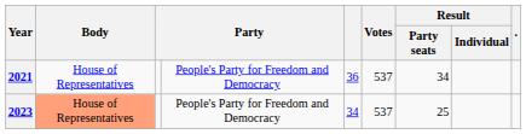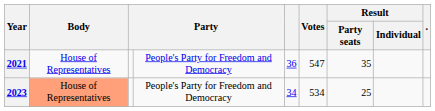 <table class="wikitable plainrowheaders sortable" border=2 cellpadding=4 cellspacing=0 style="border: 1px #aaa solid; font-size: 90%; text-align:center;">
 <tr>
 <th scope="col" rowspan=2>Year</th>
 <th scope="col" rowspan=2>Body</th>
 <th scope="col" colspan=2 rowspan=2>Party</th>
 <th scope="col" rowspan=2></th>
 <th scope="col" rowspan=2>Votes</th>
 <th scope="colgroup" colspan=2>Result</th>
 <th scope="col" rowspan=2 class="unsortable">.</th>
 </tr>
 <tr>
 <th scope="col">Party seats</th>
 <th scope="col">Individual</th>
 </tr>
 <tr>
 <th scope="row"><a href='#'>2021</a></th>
 <td><a href='#'>House of Representatives</a></td>
 <td style="background-color:"></td>
 <td><a href='#'>People's Party for Freedom and Democracy</a></td>
 <td style=text-align:right><a href='#'>36</a></td>
-<td style=text-align:right>537</td>
-<td style=text-align:right>34</td>
+<td style=text-align:right>547</td>
+<td style=text-align:right>35</td>
 <td></td>
 <td></td>
 </tr>
 <tr>
 <th scope="row"><a href='#'>2023</a></th>
 <td style="background: lightsalmon;">House of Representatives</td>
 <td style="background-color:"></td>
 <td>People's Party for Freedom and Democracy</td>
 <td style=text-align:right><a href='#'>34</a></td>
-<td style=text-align:right>537</td>
+<td style=text-align:right>534</td>
 <td style=text-align:right>25</td>
 <td></td>
 <td></td>
 </tr>
 </table>
